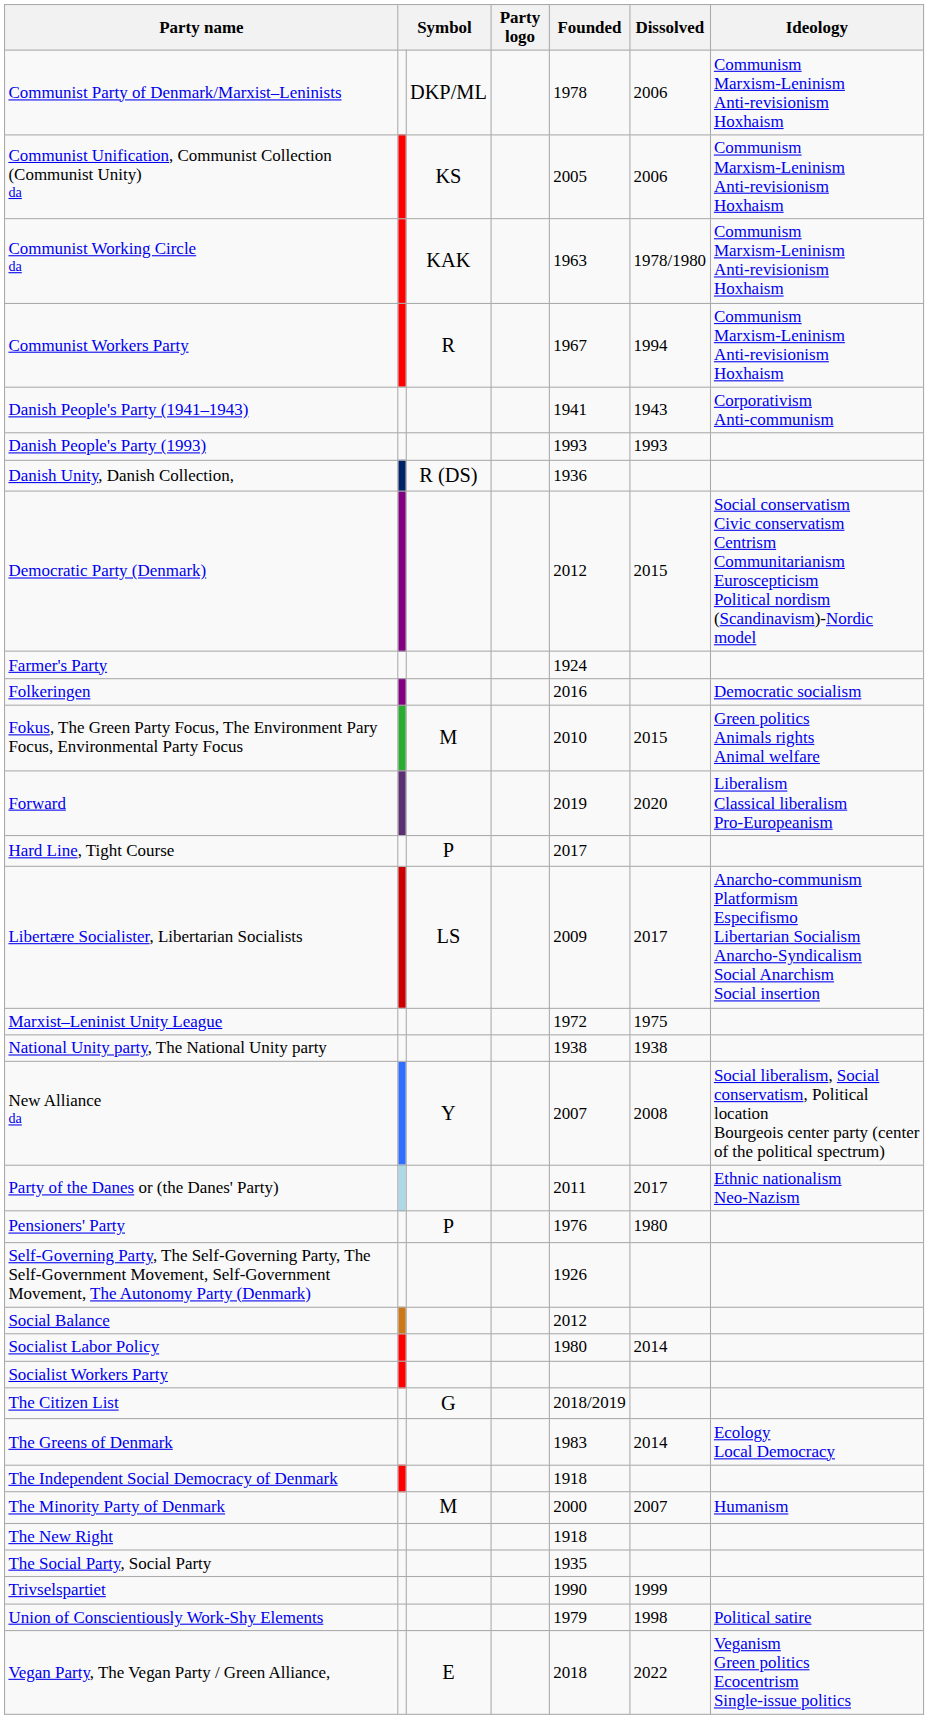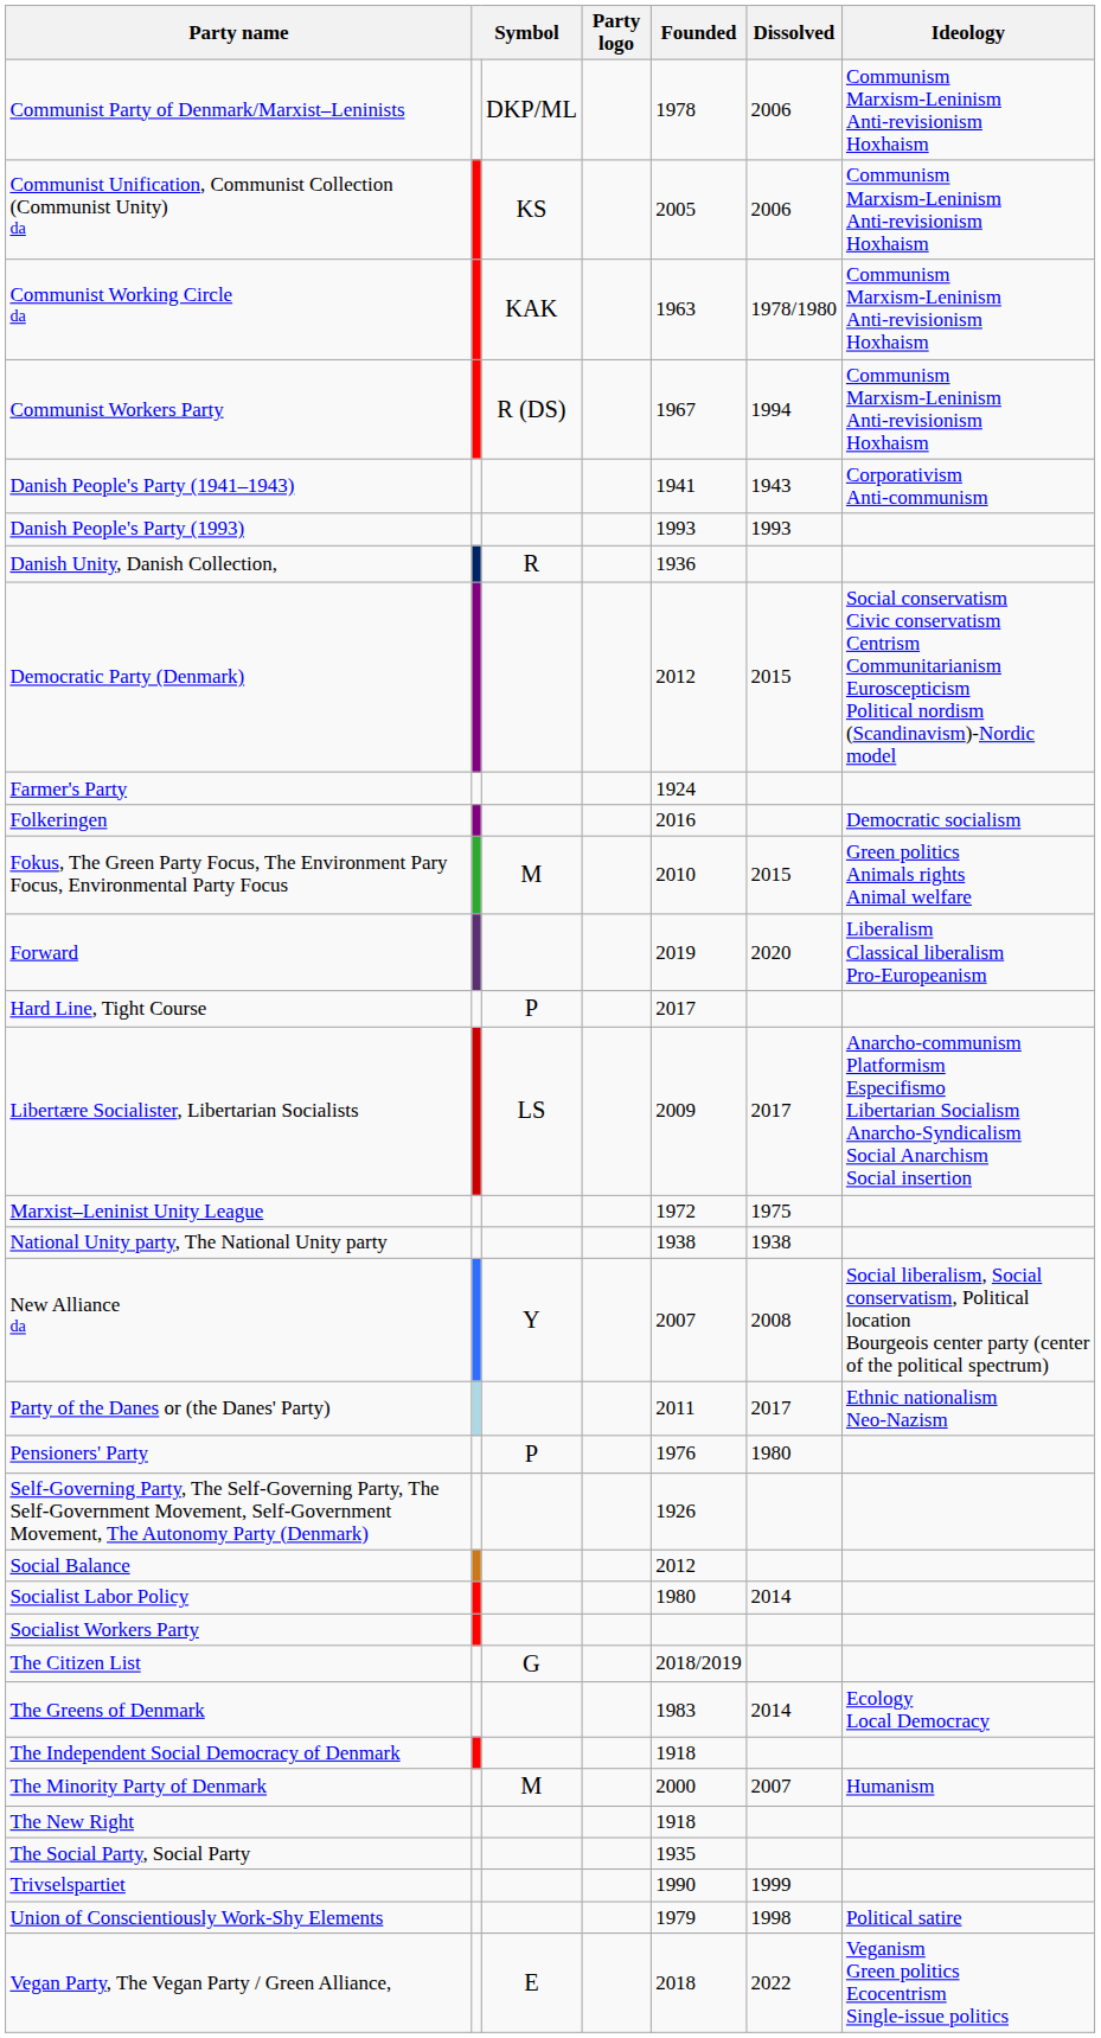 <table class ="wikitable sortable">
 <tr>
 <th>Party name</th>
 <th colspan=2>Symbol</th>
 <th>Party logo</th>
 <th>Founded</th>
 <th>Dissolved</th>
 <th class="unsortable">Ideology</th>
 </tr>
 <tr>
 <td><a href='#'>Communist Party of Denmark/Marxist–Leninists</a><br></td>
 <td></td>
 <td style="text-align:center;"><big>DKP/ML</big></td>
 <td></td>
 <td>1978</td>
 <td>2006</td>
 <td><a href='#'>Communism</a><br><a href='#'>Marxism-Leninism</a><br><a href='#'>Anti-revisionism</a><br><a href='#'>Hoxhaism</a></td>
 </tr>
 <tr>
 <td><a href='#'>Communist Unification</a>, Communist Collection (Communist Unity)<br><sup><a href='#'>da</a></sup></td>
 <td bgcolor="red"></td>
 <td style="text-align:center;"><big>KS</big></td>
 <td></td>
 <td>2005</td>
 <td>2006</td>
 <td><a href='#'>Communism</a><br><a href='#'>Marxism-Leninism</a><br><a href='#'>Anti-revisionism</a><br><a href='#'>Hoxhaism</a></td>
 </tr>
 <tr>
 <td><a href='#'>Communist Working Circle</a><br><sup><a href='#'>da</a></sup></td>
 <td bgcolor="red"></td>
 <td style="text-align:center;"><big>KAK</big></td>
 <td></td>
 <td>1963</td>
 <td>1978/1980</td>
 <td><a href='#'>Communism</a><br><a href='#'>Marxism-Leninism</a><br><a href='#'>Anti-revisionism</a><br><a href='#'>Hoxhaism</a></td>
 </tr>
 <tr>
 <td><a href='#'>Communist Workers Party</a><br></td>
 <td bgcolor="red"></td>
-<td style="text-align:center;"><big>R</big></td>
+<td style="text-align:center;"><big>R (DS)</big></td>
 <td></td>
 <td>1967</td>
 <td>1994</td>
 <td><a href='#'>Communism</a><br><a href='#'>Marxism-Leninism</a><br><a href='#'>Anti-revisionism</a><br><a href='#'>Hoxhaism</a></td>
 </tr>
 <tr>
 <td><a href='#'>Danish People's Party (1941–1943)</a><br></td>
 <td bgcolor=""></td>
 <td style="text-align:center;"><big></big></td>
 <td></td>
 <td>1941</td>
 <td>1943</td>
 <td><a href='#'>Corporativism</a><br><a href='#'>Anti-communism</a></td>
 </tr>
 <tr>
 <td><a href='#'>Danish People's Party (1993)</a><br></td>
 <td bgcolor=""></td>
 <td style="text-align:center;"><big></big></td>
 <td></td>
 <td>1993</td>
 <td>1993</td>
 <td></td>
 </tr>
 <tr>
 <td><a href='#'>Danish Unity</a>, Danish Collection,<br></td>
 <td bgcolor=#002366></td>
-<td style="text-align:center;"><big>R (DS)</big></td>
+<td style="text-align:center;"><big>R</big></td>
 <td></td>
 <td>1936</td>
 <td></td>
 <td></td>
 </tr>
 <tr>
 <td><a href='#'>Democratic Party (Denmark)</a><br></td>
 <td bgcolor="purple"></td>
 <td style="text-align:center;"><big></big></td>
 <td></td>
 <td>2012</td>
 <td>2015</td>
 <td><a href='#'>Social conservatism</a><br><a href='#'>Civic conservatism</a><br><a href='#'>Centrism</a><br><a href='#'>Communitarianism</a><br><a href='#'>Euroscepticism</a><br><a href='#'>Political nordism</a> (<a href='#'>Scandinavism</a>)-<a href='#'>Nordic model</a></td>
 </tr>
 <tr>
 <td><a href='#'>Farmer's Party</a><br></td>
 <td bgcolor=""></td>
 <td style="text-align:center;"><big></big></td>
 <td></td>
 <td>1924</td>
 <td></td>
 <td></td>
 </tr>
 <tr>
 <td><a href='#'>Folkeringen</a></td>
 <td bgcolor="purple"></td>
 <td style="text-align:center;"><big></big></td>
 <td></td>
 <td>2016</td>
 <td></td>
 <td><a href='#'>Democratic socialism</a></td>
 </tr>
 <tr>
 <td><a href='#'>Fokus</a>, The Green Party Focus, The Environment Pary Focus, Environmental Party Focus<br></td>
 <td bgcolor="#2BAB30"></td>
 <td style="text-align:center;"><big>M</big></td>
 <td></td>
 <td>2010</td>
 <td>2015</td>
 <td><a href='#'>Green politics</a><br><a href='#'>Animals rights</a><br><a href='#'>Animal welfare</a></td>
 </tr>
 <tr>
 <td><a href='#'>Forward</a><br></td>
 <td bgcolor="#5A3073"></td>
 <td style="text-align:center;"><big></big></td>
 <td></td>
 <td>2019</td>
 <td>2020</td>
 <td><a href='#'>Liberalism</a><br><a href='#'>Classical liberalism</a><br><a href='#'>Pro-Europeanism</a></td>
 </tr>
 <tr>
 <td><a href='#'>Hard Line</a>, Tight Course<br></td>
 <td></td>
 <td style="text-align:center;"><big>P</big></td>
 <td></td>
 <td>2017</td>
 <td></td>
 <td></td>
 </tr>
 <tr>
 <td><a href='#'>Libertære Socialister</a>, Libertarian Socialists<br></td>
 <td bgcolor="#cc0000"></td>
 <td style="text-align:center;"><big>LS</big></td>
 <td></td>
 <td>2009</td>
 <td>2017</td>
 <td><a href='#'>Anarcho-communism</a><br><a href='#'>Platformism</a><br><a href='#'>Especifismo</a><br><a href='#'>Libertarian Socialism</a><br><a href='#'>Anarcho-Syndicalism</a><br><a href='#'>Social Anarchism</a><br><a href='#'>Social insertion</a></td>
 </tr>
 <tr>
 <td><a href='#'>Marxist–Leninist Unity League</a><br></td>
 <td bgcolor=""></td>
 <td style="text-align:center;"><big></big></td>
 <td></td>
 <td>1972</td>
 <td>1975</td>
 <td></td>
 </tr>
 <tr>
 <td><a href='#'>National Unity party</a>, The National Unity party<br></td>
 <td bgcolor=""></td>
 <td style="text-align:center;"><big></big></td>
 <td></td>
 <td>1938</td>
 <td>1938</td>
 <td></td>
 </tr>
 <tr>
 <td>New Alliance<br><sup><a href='#'>da</a></sup></td>
 <td bgcolor="#306EFF"></td>
 <td style="text-align:center;"><big>Y</big></td>
 <td></td>
 <td>2007</td>
 <td>2008</td>
 <td><a href='#'>Social liberalism</a>, <a href='#'>Social conservatism</a>, Political location<br>Bourgeois center party (center of the political spectrum)</td>
 </tr>
 <tr>
 <td><a href='#'>Party of the Danes</a> or (the Danes' Party)<br></td>
 <td bgcolor="#ADD8E6"></td>
 <td style="text-align:center;"><big></big></td>
 <td></td>
 <td>2011</td>
 <td>2017</td>
 <td><a href='#'>Ethnic nationalism</a><br><a href='#'>Neo-Nazism</a></td>
 </tr>
 <tr>
 <td><a href='#'>Pensioners' Party</a><br></td>
 <td></td>
 <td style="text-align:center;"><big>P</big></td>
 <td></td>
 <td>1976</td>
 <td>1980</td>
 <td></td>
 </tr>
 <tr>
 <td><a href='#'>Self-Governing Party</a>, The Self-Governing Party, The Self-Government Movement, Self-Government Movement, <a href='#'>The Autonomy Party (Denmark)</a><br></td>
 <td bgcolor=""></td>
 <td style="text-align:center;"><big></big></td>
 <td></td>
 <td>1926</td>
 <td></td>
 <td></td>
 </tr>
 <tr>
 <td><a href='#'>Social Balance</a><br></td>
 <td bgcolor="#cc7819"></td>
 <td style="text-align:center;"></td>
 <td></td>
 <td>2012</td>
 <td></td>
 <td></td>
 </tr>
 <tr>
 <td><a href='#'>Socialist Labor Policy</a><br></td>
 <td bgcolor="red"></td>
 <td style="text-align:center;"><big></big></td>
 <td></td>
 <td>1980</td>
 <td>2014</td>
 <td></td>
 </tr>
 <tr>
 <td><a href='#'>Socialist Workers Party</a><br></td>
 <td bgcolor="red"></td>
 <td style="text-align:center;"><big></big></td>
 <td></td>
 <td></td>
 <td></td>
 <td></td>
 </tr>
 <tr>
 <td><a href='#'>The Citizen List</a><br></td>
 <td></td>
 <td style="text-align:center;"><big>G</big></td>
 <td></td>
 <td>2018/2019</td>
 <td></td>
 <td></td>
 </tr>
 <tr>
 <td><a href='#'>The Greens of Denmark</a><br></td>
 <td></td>
 <td style="text-align:center;"><big></big></td>
 <td></td>
 <td>1983</td>
 <td>2014</td>
 <td><a href='#'>Ecology</a><br><a href='#'>Local Democracy</a></td>
 </tr>
 <tr>
 <td><a href='#'>The Independent Social Democracy of Denmark</a><br></td>
 <td bgcolor="red"></td>
 <td style="text-align:center;"><big></big></td>
 <td></td>
 <td>1918</td>
 <td></td>
 <td></td>
 </tr>
 <tr>
 <td><a href='#'>The Minority Party of Denmark</a><br></td>
 <td bgcolor=""></td>
 <td style="text-align:center;"><big>M</big></td>
 <td></td>
 <td>2000</td>
 <td>2007</td>
 <td><a href='#'>Humanism</a></td>
 </tr>
 <tr>
 <td><a href='#'>The New Right</a><br></td>
 <td bgcolor=""></td>
 <td style="text-align:center;"><big></big></td>
 <td></td>
 <td>1918</td>
 <td></td>
 <td></td>
 </tr>
 <tr>
 <td><a href='#'>The Social Party</a>, Social Party<br></td>
 <td bgcolor=""></td>
 <td style="text-align:center;"><big></big></td>
 <td></td>
 <td>1935</td>
 <td></td>
 <td></td>
 </tr>
 <tr>
 <td><a href='#'>Trivselspartiet</a><br></td>
 <td bgcolor=""></td>
 <td style="text-align:center;"><big></big></td>
 <td></td>
 <td>1990</td>
 <td>1999</td>
 <td></td>
 </tr>
 <tr>
 <td><a href='#'>Union of Conscientiously Work-Shy Elements</a><br></td>
 <td bgcolor=""></td>
 <td style="text-align:center;"><big></big></td>
 <td></td>
 <td>1979</td>
 <td>1998</td>
 <td><a href='#'>Political satire</a></td>
 </tr>
 <tr>
 <td><a href='#'>Vegan Party</a>, The Vegan Party / Green Alliance, <br></td>
 <td></td>
 <td style="text-align:center;"><big>E</big></td>
 <td><br></td>
 <td>2018</td>
 <td>2022</td>
 <td><a href='#'>Veganism</a><br><a href='#'>Green politics</a><br><a href='#'>Ecocentrism</a><br><a href='#'>Single-issue politics</a></td>
 </tr>
 </table>
